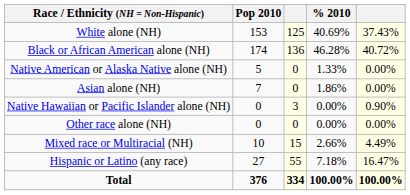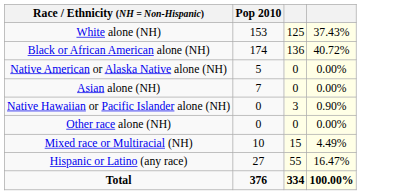 <table class="wikitable" style="text-align:center;">
 <tr>
 <th>Race / Ethnicity <small>(<em>NH = Non-Hispanic</em>)</small></th>
 <th>Pop 2010</th>
 <th></th>
-<th>% 2010</th>
 <th></th>
 </tr>
 <tr>
 <td><a href='#'>White</a> alone (NH)</td>
 <td>153</td>
 <td style='background: #ffffe6;'>125</td>
-<td>40.69%</td>
 <td style='background: #ffffe6;'>37.43%</td>
 </tr>
 <tr>
 <td><a href='#'>Black or African American</a> alone (NH)</td>
 <td>174</td>
 <td style='background: #ffffe6;'>136</td>
-<td>46.28%</td>
 <td style='background: #ffffe6;'>40.72%</td>
 </tr>
 <tr>
 <td><a href='#'>Native American</a> or <a href='#'>Alaska Native</a> alone (NH)</td>
 <td>5</td>
 <td style='background: #ffffe6;'>0</td>
-<td>1.33%</td>
 <td style='background: #ffffe6;'>0.00%</td>
 </tr>
 <tr>
 <td><a href='#'>Asian</a> alone (NH)</td>
 <td>7</td>
 <td style='background: #ffffe6;'>0</td>
-<td>1.86%</td>
 <td style='background: #ffffe6;'>0.00%</td>
 </tr>
 <tr>
 <td><a href='#'>Native Hawaiian</a> or <a href='#'>Pacific Islander</a> alone (NH)</td>
 <td>0</td>
 <td style='background: #ffffe6;'>3</td>
-<td>0.00%</td>
 <td style='background: #ffffe6;'>0.90%</td>
 </tr>
 <tr>
 <td><a href='#'>Other race</a> alone (NH)</td>
 <td>0</td>
 <td style='background: #ffffe6;'>0</td>
-<td>0.00%</td>
 <td style='background: #ffffe6;'>0.00%</td>
 </tr>
 <tr>
 <td><a href='#'>Mixed race or Multiracial</a> (NH)</td>
 <td>10</td>
 <td style='background: #ffffe6;'>15</td>
-<td>2.66%</td>
 <td style='background: #ffffe6;'>4.49%</td>
 </tr>
 <tr>
 <td><a href='#'>Hispanic or Latino</a> (any race)</td>
 <td>27</td>
 <td style='background: #ffffe6;'>55</td>
-<td>7.18%</td>
 <td style='background: #ffffe6;'>16.47%</td>
 </tr>
 <tr>
 <td><strong>Total</strong></td>
 <td><strong>376</strong></td>
 <td style='background: #ffffe6;'><strong>334</strong></td>
-<td><strong>100.00%</strong></td>
 <td style='background: #ffffe6;'><strong>100.00%</strong></td>
 </tr>
 </table>
